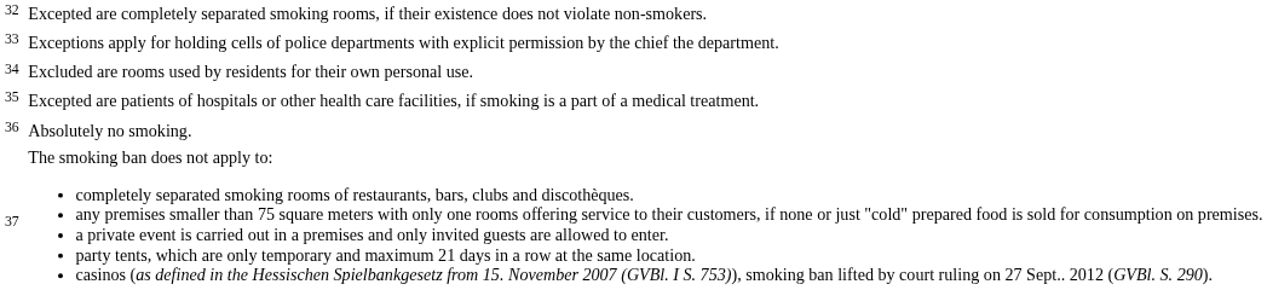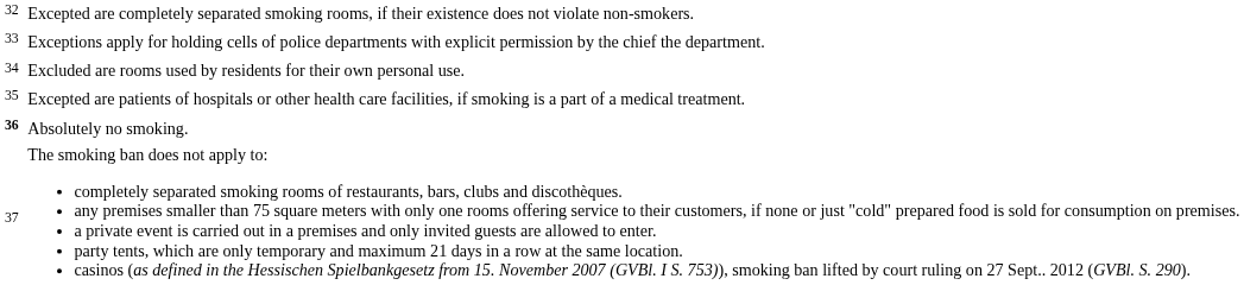 <table class="toptextcells" style="font-size: 90%;">
 <tr>
 <td style="text-align: right; padding-right: 0.33em"><sup>32</sup></td>
 <td>Excepted are completely separated smoking rooms, if their existence does not violate non-smokers.</td>
 </tr>
 <tr>
 <td style="text-align: right; padding-right: 0.33em"><sup>33</sup></td>
 <td>Exceptions apply for holding cells of police departments with explicit permission by the chief the department.</td>
 </tr>
 <tr>
 <td style="text-align: right; padding-right: 0.33em"><sup>34</sup></td>
 <td>Excluded are rooms used by residents for their own personal use.</td>
 </tr>
 <tr>
 <td style="text-align: right; padding-right: 0.33em"><sup>35</sup></td>
 <td>Excepted are patients of hospitals or other health care facilities, if smoking is a part of a medical treatment.</td>
 </tr>
 <tr>
-<td style="text-align: right; padding-right: 0.33em"><sup>36</sup></td>
+<td style="text-align: right; padding-right: 0.33em"><strong><sup>36</sup></strong></td>
 <td>Absolutely no smoking.</td>
 </tr>
 <tr>
 <td style="text-align: right; padding-right: 0.33em"><sup>37</sup></td>
 <td>The smoking ban does not apply to:<br><ul><li>completely separated smoking rooms of restaurants, bars, clubs and discothèques.</li><li>any premises smaller than 75 square meters with only one rooms offering service to their customers, if none or just "cold" prepared food is sold for consumption on premises.</li><li>a private event is carried out in a premises and only invited guests are allowed to enter.</li><li>party tents, which are only temporary and maximum 21 days in a row at the same location.</li><li>casinos (<em>as defined in the Hessischen Spielbankgesetz from 15. November 2007 (GVBl. I S. 753)</em>), smoking ban lifted by court ruling on 27 Sept.. 2012 (<em>GVBl. S. 290</em>).</li></ul></td>
 </tr>
 </table>
